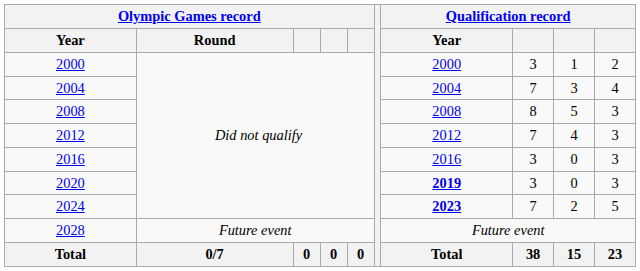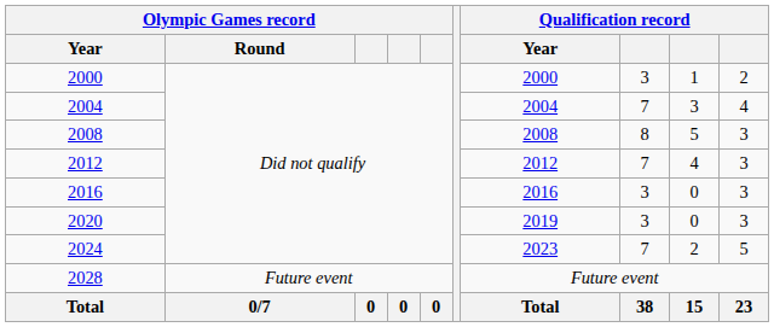 <table class="wikitable" width=50% style="text-align: center;font-size:90%;">
 <tr>
 <th colspan=5><a href='#'>Olympic Games record</a></th>
 <th width=1% rowspan=13></th>
 <th colspan=4><a href='#'>Qualification record</a></th>
 </tr>
 <tr>
 <th width=125px>Year</th>
 <th width=150px>Round</th>
 <th></th>
 <th></th>
 <th></th>
 <th width=125px>Year</th>
 <th></th>
 <th></th>
 <th></th>
 </tr>
 <tr>
 <td> <a href='#'>2000</a></td>
 <td colspan=5 rowspan=7><em>Did not qualify</em></td>
 <td><a href='#'>2000</a></td>
 <td>3</td>
 <td>1</td>
 <td>2</td>
 </tr>
 <tr - bgcolor=>
 <td> <a href='#'>2004</a></td>
 <td><a href='#'>2004</a></td>
 <td>7</td>
 <td>3</td>
 <td>4</td>
 </tr>
 <tr - bgcolor=>
 <td> <a href='#'>2008</a></td>
 <td><a href='#'>2008</a></td>
 <td>8</td>
 <td>5</td>
 <td>3</td>
 </tr>
 <tr - bgcolor=>
 <td> <a href='#'>2012</a></td>
 <td><a href='#'>2012</a></td>
 <td>7</td>
 <td>4</td>
 <td>3</td>
 </tr>
 <tr - bgcolor=>
 <td> <a href='#'>2016</a></td>
 <td><a href='#'>2016</a></td>
 <td>3</td>
 <td>0</td>
 <td>3</td>
 </tr>
 <tr - bgcolor=>
 <td> <a href='#'>2020</a></td>
-<td><strong><a href='#'>2019</a></strong></td>
+<td><a href='#'>2019</a></td>
 <td>3</td>
 <td>0</td>
 <td>3</td>
 </tr>
 <tr - bgcolor=>
 <td> <a href='#'>2024</a></td>
-<td><strong><a href='#'>2023</a></strong></td>
+<td><a href='#'>2023</a></td>
 <td>7</td>
 <td>2</td>
 <td>5</td>
 </tr>
 <tr>
 <td> <a href='#'>2028</a></td>
 <td colspan=4><em>Future event</em></td>
 <td colspan=4><em>Future event</em></td>
 </tr>
 <tr>
 <th><strong>Total</strong></th>
 <th>0/7</th>
 <th>0</th>
 <th>0</th>
 <th>0</th>
 <th><strong>Total</strong></th>
 <th>38</th>
 <th>15</th>
 <th>23</th>
 </tr>
 </table>
